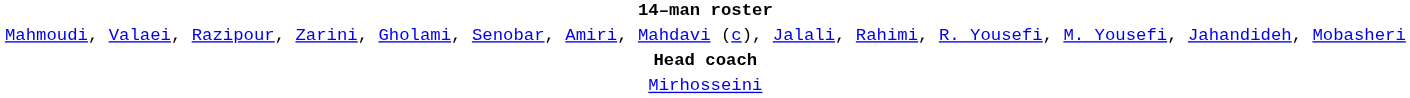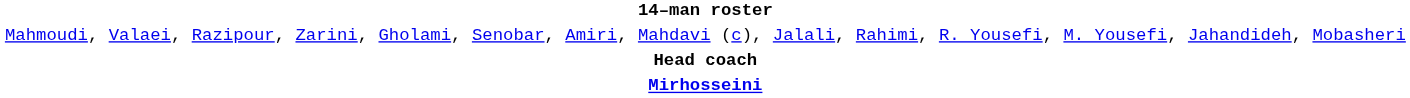 <table style="text-align:center; margin-top:2em; margin-left:auto; margin-right:auto">
 <tr>
 <td><strong>14–man roster</strong></td>
 </tr>
 <tr>
 <td><a href='#'>Mahmoudi</a>, <a href='#'>Valaei</a>, <a href='#'>Razipour</a>, <a href='#'>Zarini</a>, <a href='#'>Gholami</a>, <a href='#'>Senobar</a>, <a href='#'>Amiri</a>, <a href='#'>Mahdavi</a> (<a href='#'>c</a>), <a href='#'>Jalali</a>, <a href='#'>Rahimi</a>, <a href='#'>R. Yousefi</a>, <a href='#'>M. Yousefi</a>, <a href='#'>Jahandideh</a>, <a href='#'>Mobasheri</a></td>
 </tr>
 <tr>
 <td><strong>Head coach</strong></td>
 </tr>
 <tr>
-<td><a href='#'>Mirhosseini</a></td>
+<td><strong><a href='#'>Mirhosseini</a></strong></td>
 </tr>
 </table>
